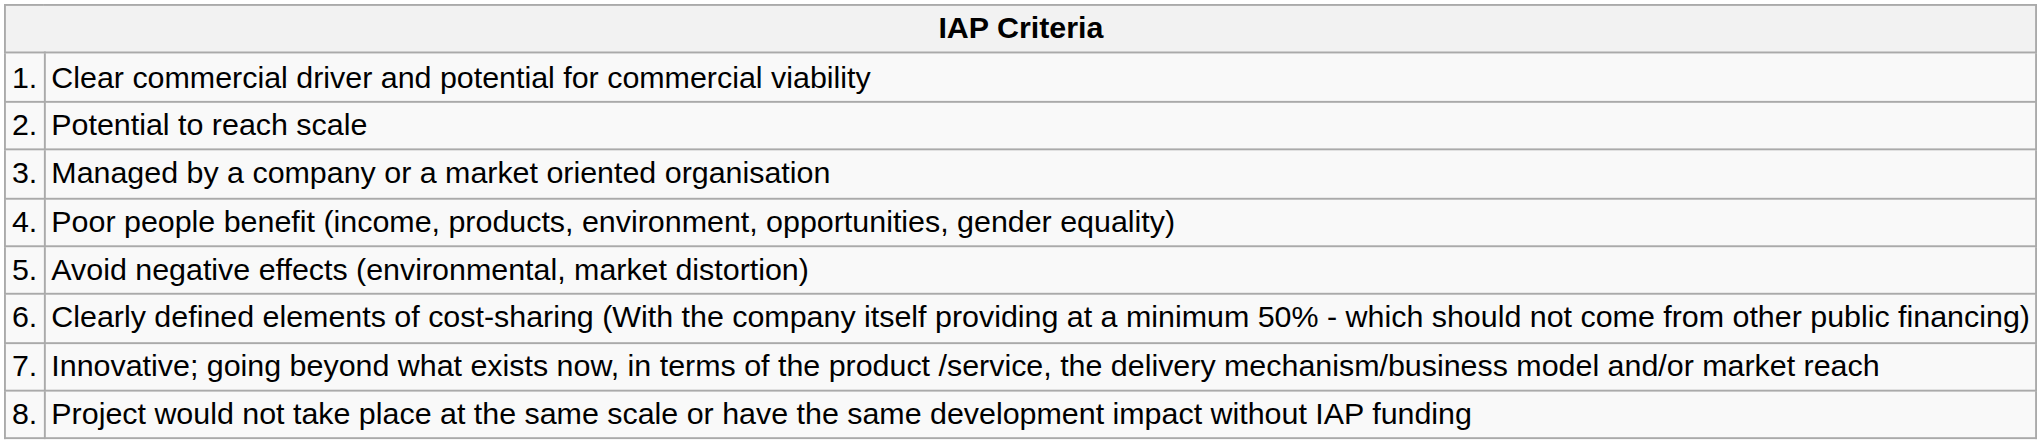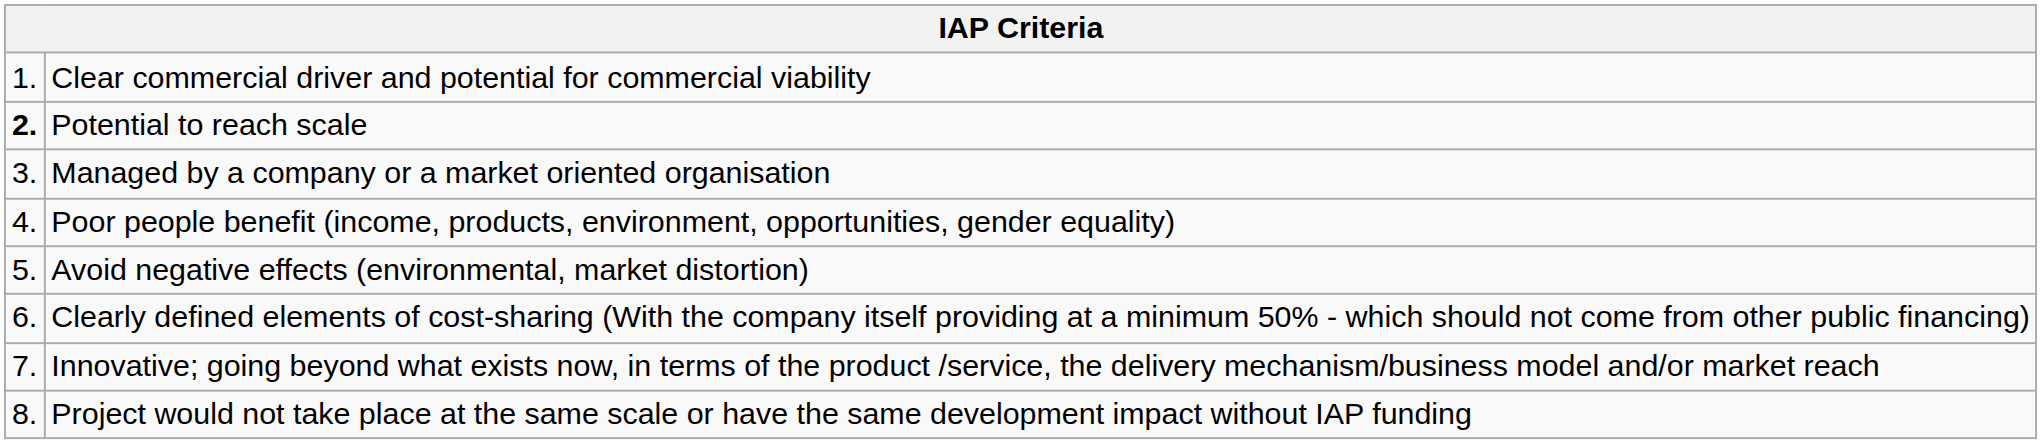 <table class="wikitable">
 <tr>
 <th colspan="2">IAP Criteria </th>
 </tr>
 <tr>
 <td>1.</td>
 <td>Clear commercial driver and  potential for commercial viability</td>
 </tr>
 <tr>
-<td>2.</td>
+<td><strong>2.</strong></td>
 <td>Potential to reach scale</td>
 </tr>
 <tr>
 <td>3.</td>
 <td>Managed by a company or a  market oriented organisation</td>
 </tr>
 <tr>
 <td>4.</td>
 <td>Poor people benefit (income, products, environment, opportunities, gender equality)</td>
 </tr>
 <tr>
 <td>5.</td>
 <td>Avoid negative effects (environmental, market distortion)</td>
 </tr>
 <tr>
 <td>6.</td>
 <td>Clearly defined elements of cost-sharing (With the company itself providing at a minimum 50% - which should not come from other public financing)</td>
 </tr>
 <tr>
 <td>7.</td>
 <td>Innovative; going beyond what exists now, in terms of the product /service, the delivery mechanism/business model and/or market reach</td>
 </tr>
 <tr>
 <td>8.</td>
 <td>Project would not take place at the same scale or have the same development impact without IAP funding</td>
 </tr>
 </table>
